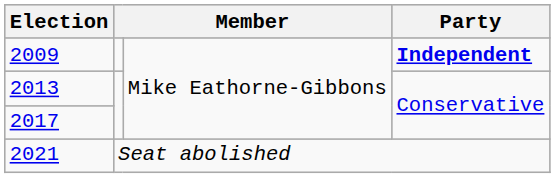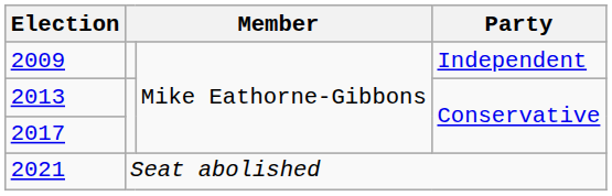 <table class="wikitable">
 <tr>
 <th>Election</th>
 <th colspan="2">Member</th>
 <th>Party</th>
 </tr>
 <tr>
 <td><a href='#'>2009</a></td>
 <td rowspan="1" style="background-color: "></td>
 <td rowspan="3">Mike Eathorne-Gibbons</td>
-<td rowspan="1"><strong><a href='#'>Independent</a></strong></td>
+<td rowspan="1"><a href='#'>Independent</a></td>
 </tr>
 <tr>
 <td><a href='#'>2013</a></td>
 <td rowspan="2" style="background-color: "></td>
 <td rowspan="2"><a href='#'>Conservative</a></td>
 </tr>
 <tr>
 <td><a href='#'>2017</a></td>
 </tr>
 <tr>
 <td><a href='#'>2021</a></td>
 <td colspan="3"><em>Seat abolished</em></td>
 </tr>
 </table>
